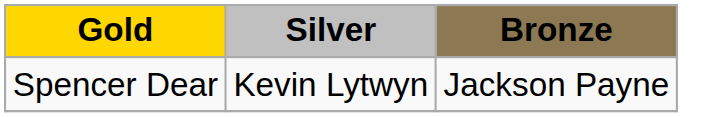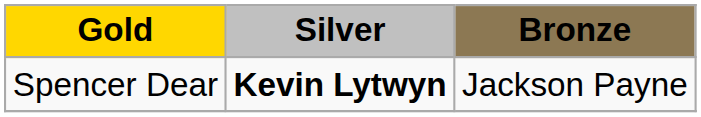 <table class="wikitable">
 <tr>
 <th style="background-color:#FFD700">Gold</th>
 <th style="background-color:#C0C0C0">Silver</th>
 <th style="background-color:#8C7853">Bronze</th>
 </tr>
 <tr>
 <td> Spencer Dear</td>
-<td> Kevin Lytwyn</td>
+<td><strong> Kevin Lytwyn</strong></td>
 <td> Jackson Payne</td>
 </tr>
 <tr>
 </tr>
 </table>
